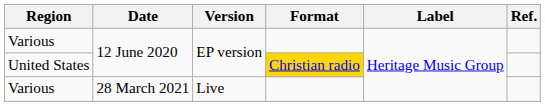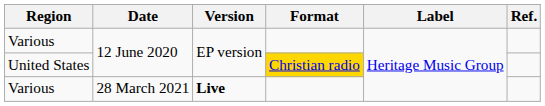 <table class="wikitable plainrowheaders">
 <tr>
 <th scope="col">Region</th>
 <th scope="col">Date</th>
 <th scope="col">Version</th>
 <th scope="col">Format</th>
 <th scope="col">Label</th>
 <th scope="col">Ref.</th>
 </tr>
 <tr>
 <td>Various</td>
 <td rowspan="2">12 June 2020</td>
 <td rowspan="2">EP version</td>
 <td></td>
 <td rowspan="3"><a href='#'>Heritage Music Group</a></td>
 <td></td>
 </tr>
 <tr>
 <td>United States</td>
 <td style="background: gold;"><a href='#'>Christian radio</a></td>
 <td></td>
 </tr>
 <tr>
 <td>Various</td>
 <td>28 March 2021</td>
-<td>Live</td>
+<td><strong>Live</strong></td>
 <td></td>
 <td></td>
 </tr>
 </table>
